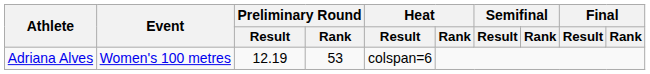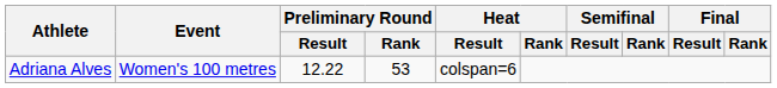 <table class="wikitable" style="font-size:90%">
 <tr>
 <th rowspan="2">Athlete</th>
 <th rowspan="2">Event</th>
 <th colspan="2">Preliminary Round</th>
 <th colspan="2">Heat</th>
 <th colspan="2">Semifinal</th>
 <th colspan="2">Final</th>
 </tr>
 <tr style="font-size:95%">
 <th>Result</th>
 <th>Rank</th>
 <th>Result</th>
 <th>Rank</th>
 <th>Result</th>
 <th>Rank</th>
 <th>Result</th>
 <th>Rank</th>
 </tr>
 <tr style=text-align:center>
 <td style=text-align:left><a href='#'>Adriana Alves</a></td>
 <td style=text-align:left><a href='#'>Women's 100 metres</a></td>
-<td>12.19</td>
+<td>12.22</td>
 <td>53</td>
 <td>colspan=6 </td>
 </tr>
 </table>
